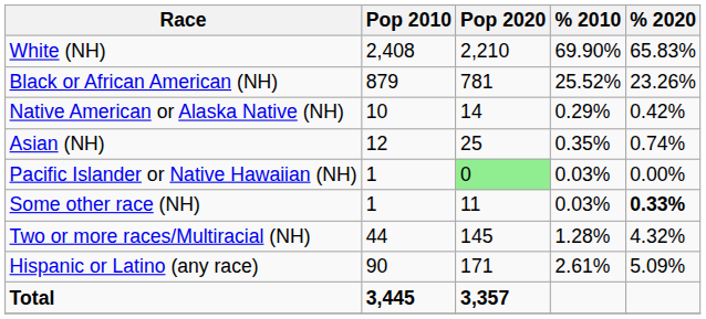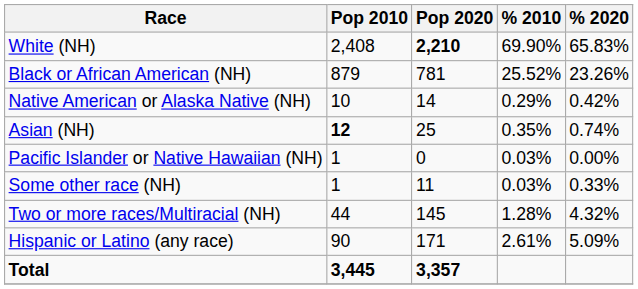 <table class="wikitable">
 <tr>
 <th>Race</th>
 <th>Pop 2010</th>
 <th>Pop 2020</th>
 <th>% 2010</th>
 <th>% 2020</th>
 </tr>
 <tr>
 <td><a href='#'>White</a> (NH)</td>
 <td>2,408</td>
-<td>2,210</td>
+<td><strong>2,210</strong></td>
 <td>69.90%</td>
 <td>65.83%</td>
 </tr>
 <tr>
 <td><a href='#'>Black or African American</a> (NH)</td>
 <td>879</td>
 <td>781</td>
 <td>25.52%</td>
 <td>23.26%</td>
 </tr>
 <tr>
 <td><a href='#'>Native American</a> or <a href='#'>Alaska Native</a> (NH)</td>
 <td>10</td>
 <td>14</td>
 <td>0.29%</td>
 <td>0.42%</td>
 </tr>
 <tr>
 <td><a href='#'>Asian</a> (NH)</td>
-<td>12</td>
+<td><strong>12</strong></td>
 <td>25</td>
 <td>0.35%</td>
 <td>0.74%</td>
 </tr>
 <tr>
 <td><a href='#'>Pacific Islander</a> or <a href='#'>Native Hawaiian</a> (NH)</td>
 <td>1</td>
-<td style="background: lightgreen;">0</td>
+<td>0</td>
 <td>0.03%</td>
 <td>0.00%</td>
 </tr>
 <tr>
 <td><a href='#'>Some other race</a> (NH)</td>
 <td>1</td>
 <td>11</td>
 <td>0.03%</td>
-<td><strong>0.33%</strong></td>
+<td>0.33%</td>
 </tr>
 <tr>
 <td><a href='#'>Two or more races/Multiracial</a> (NH)</td>
 <td>44</td>
 <td>145</td>
 <td>1.28%</td>
 <td>4.32%</td>
 </tr>
 <tr>
 <td><a href='#'>Hispanic or Latino</a> (any race)</td>
 <td>90</td>
 <td>171</td>
 <td>2.61%</td>
 <td>5.09%</td>
 </tr>
 <tr>
 <td><strong>Total</strong></td>
 <td><strong>3,445</strong></td>
 <td><strong>3,357</strong></td>
 <td></td>
 <td></td>
 </tr>
 <tr>
 </tr>
 </table>
